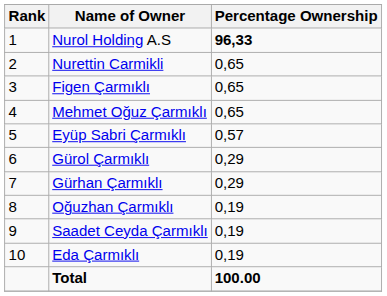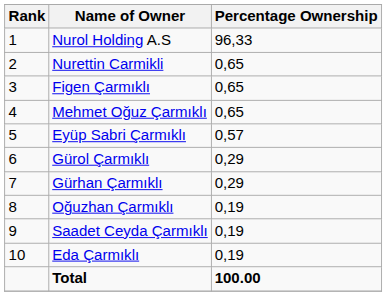 <table class="wikitable sortable" style="margin-left:auto;margin-right:auto">
 <tr>
 </tr>
 <tr>
 <th style="width:2em;">Rank</th>
 <th>Name of Owner</th>
 <th><strong>Percentage Ownership</strong></th>
 </tr>
 <tr>
 <td>1</td>
 <td><a href='#'>Nurol Holding</a> A.S</td>
-<td><strong>96,33</strong></td>
+<td>96,33</td>
 </tr>
 <tr>
 <td>2</td>
 <td><a href='#'>Nurettin Carmikli</a></td>
 <td>0,65</td>
 </tr>
 <tr>
 <td>3</td>
 <td><a href='#'>Figen Çarmıklı</a></td>
 <td>0,65</td>
 </tr>
 <tr>
 <td>4</td>
 <td><a href='#'>Mehmet Oğuz Çarmıklı</a></td>
 <td>0,65</td>
 </tr>
 <tr>
 <td>5</td>
 <td><a href='#'>Eyüp Sabri Çarmıklı</a></td>
 <td>0,57</td>
 </tr>
 <tr>
 <td>6</td>
 <td><a href='#'>Gürol Çarmıklı</a></td>
 <td>0,29</td>
 </tr>
 <tr>
 <td>7</td>
 <td><a href='#'>Gürhan Çarmıklı</a></td>
 <td>0,29</td>
 </tr>
 <tr>
 <td>8</td>
 <td><a href='#'>Oğuzhan Çarmıklı</a></td>
 <td>0,19</td>
 </tr>
 <tr>
 <td>9</td>
 <td><a href='#'>Saadet Ceyda Çarmıklı</a></td>
 <td>0,19</td>
 </tr>
 <tr>
 <td>10</td>
 <td><a href='#'>Eda Çarmıklı</a></td>
 <td>0,19</td>
 </tr>
 <tr>
 <td></td>
 <td><strong>Total</strong></td>
 <td><strong>100.00</strong></td>
 </tr>
 <tr>
 </tr>
 </table>
